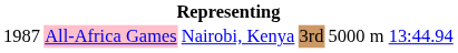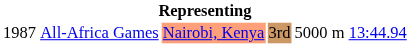 <table>
 <tr>
 <th colspan="6">Representing </th>
 </tr>
 <tr>
 <td>1987</td>
-<td style="background: pink;"><a href='#'>All-Africa Games</a></td>
-<td><a href='#'>Nairobi, Kenya</a></td>
+<td><a href='#'>All-Africa Games</a></td>
+<td style="background: lightsalmon;"><a href='#'>Nairobi, Kenya</a></td>
 <td bgcolor=cc9966>3rd</td>
 <td>5000 m</td>
 <td><a href='#'>13:44.94</a></td>
 </tr>
 </table>
